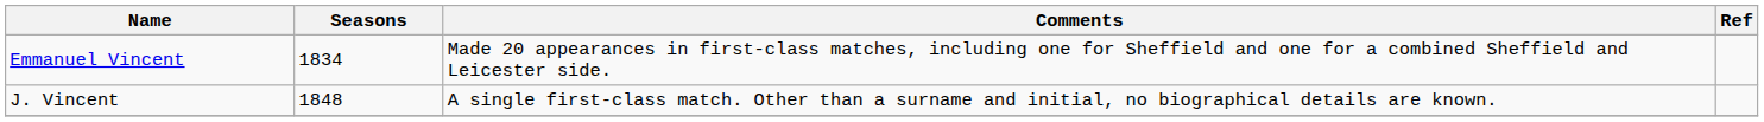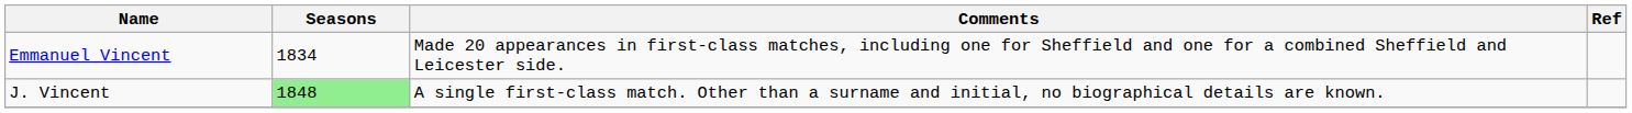 <table class="wikitable">
 <tr>
 <th style="width:200px">Name</th>
 <th style="width: 100px">Seasons</th>
 <th>Comments</th>
 <th>Ref</th>
 </tr>
 <tr>
 <td><a href='#'>Emmanuel Vincent</a></td>
 <td>1834</td>
 <td>Made 20 appearances in first-class matches, including one for Sheffield and one for a combined Sheffield and Leicester side.</td>
 <td></td>
 </tr>
 <tr>
 <td>J. Vincent</td>
-<td>1848</td>
+<td style="background: lightgreen;">1848</td>
 <td>A single first-class match. Other than a surname and initial, no biographical details are known.</td>
 <td></td>
 </tr>
 <tr>
 </tr>
 </table>
